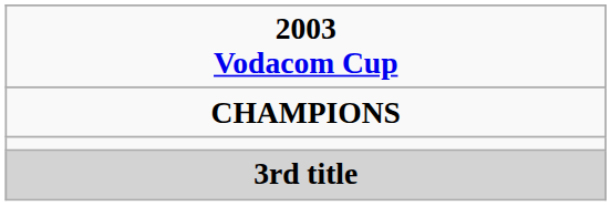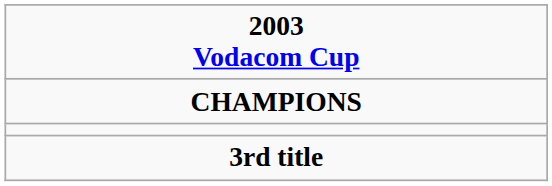 <table class="wikitable" style="text-align: center; margin: 0 auto; width: 20%">
 <tr>
 <td><strong>2003</strong> <br> <strong><a href='#'>Vodacom Cup</a></strong></td>
 </tr>
 <tr>
 <td><strong>CHAMPIONS</strong></td>
 </tr>
 <tr>
 <td><strong></strong></td>
 </tr>
 <tr>
-<td style="background: lightgrey;"><strong>3rd title</strong></td>
+<td><strong>3rd title</strong></td>
 </tr>
 </table>
